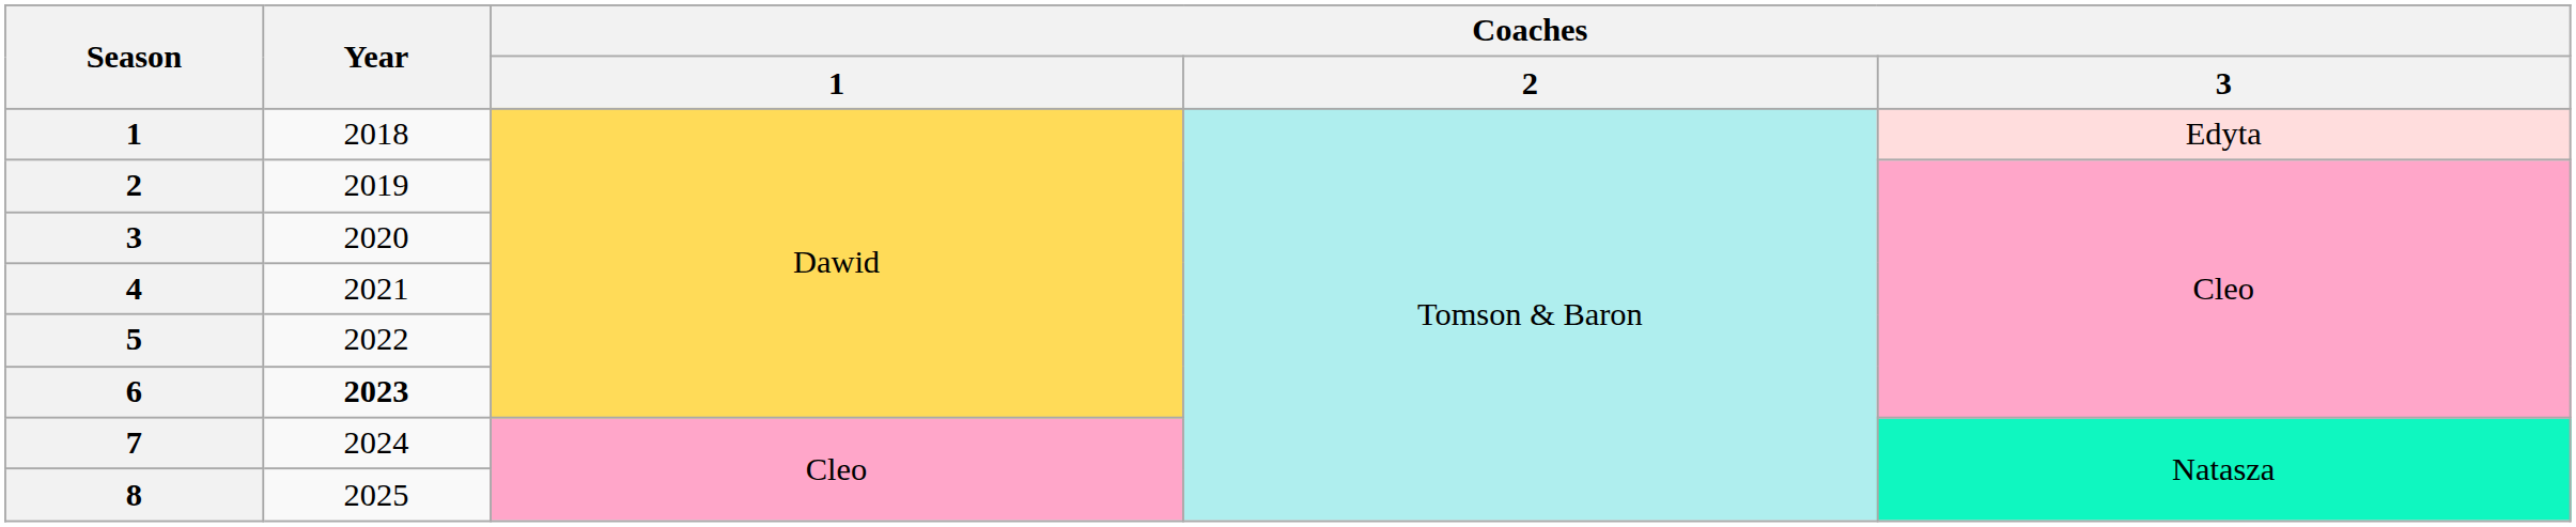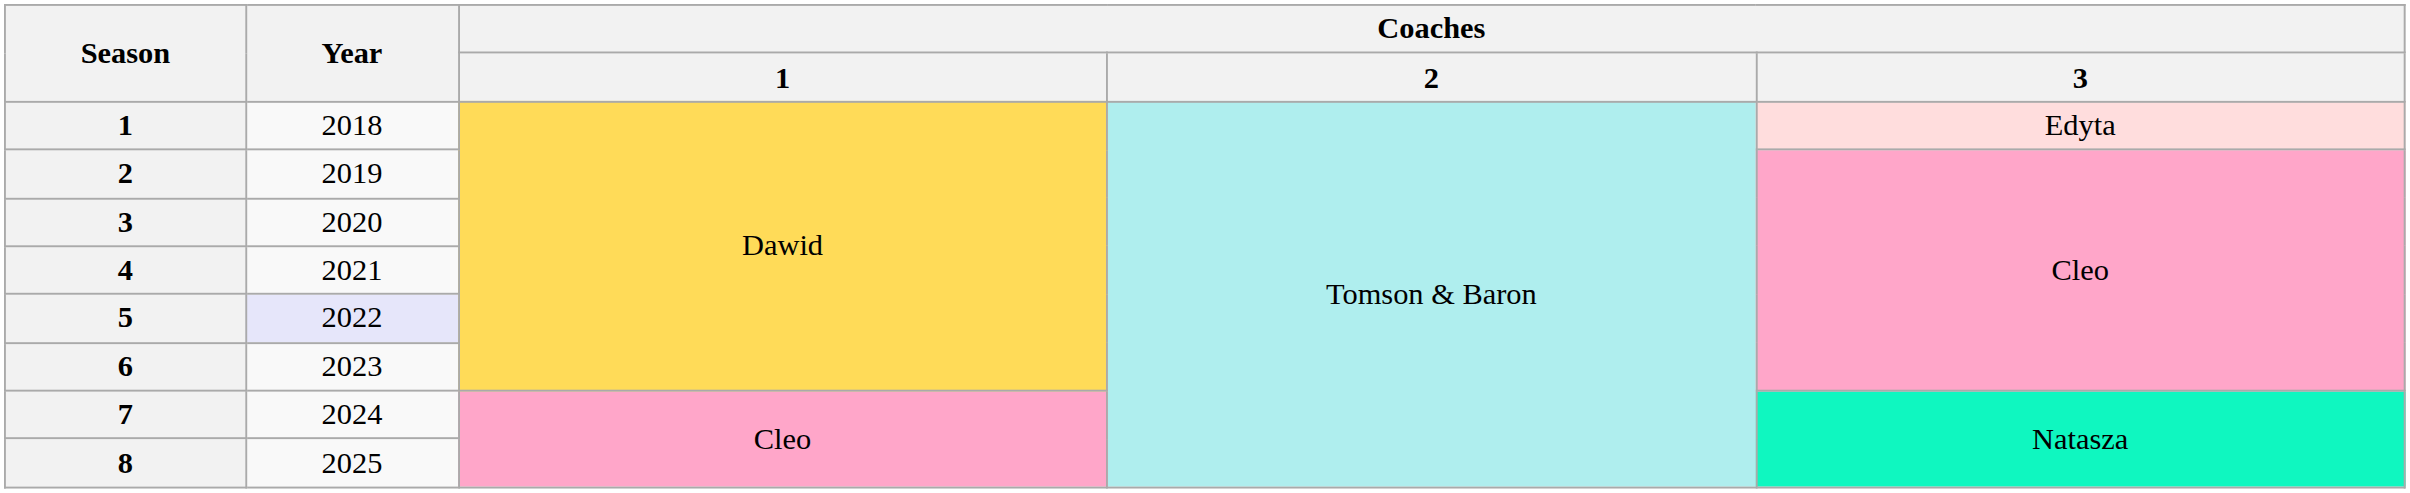 <table class="wikitable collapsible collapsed" style="text-align:center; width:100%">
 <tr>
 <th width="2%" rowspan="2">Season</th>
 <th width="2%" rowspan="2">Year</th>
 <th colspan="3">Coaches</th>
 </tr>
 <tr>
 <th width="7%">1</th>
 <th width="7%">2</th>
 <th width="7%">3</th>
 </tr>
 <tr>
 <th>1</th>
 <td>2018</td>
 <td rowspan="6" style="background:#ffdb58">Dawid</td>
 <td rowspan="8" style="background:#afeeee">Tomson & Baron</td>
 <td style="background:#ffdddd">Edyta</td>
 </tr>
 <tr>
 <th>2</th>
 <td>2019</td>
 <td rowspan="5" style="background:#FFA6C9">Cleo</td>
 </tr>
 <tr>
 <th>3</th>
 <td>2020</td>
 </tr>
 <tr>
 <th>4</th>
 <td>2021</td>
 </tr>
 <tr>
 <th>5</th>
-<td>2022</td>
+<td style="background: lavender;">2022</td>
 </tr>
 <tr>
 <th>6</th>
-<td><strong>2023</strong></td>
+<td>2023</td>
 </tr>
 <tr>
 <th>7</th>
 <td>2024</td>
 <td rowspan="2" style="background:#FFA6C9">Cleo</td>
 <td rowspan="2" style="background:#0ff7c0">Natasza</td>
 </tr>
 <tr>
 <th>8</th>
 <td>2025</td>
 </tr>
 </table>
